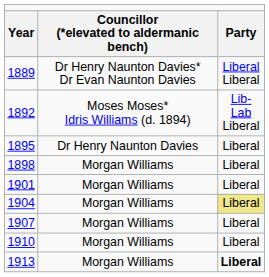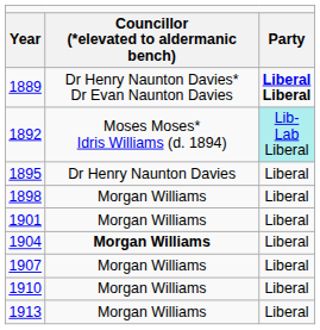 <table class="wikitable mw-collapsible autocollapse floatright" style="width: 290px; font-size: 86%; text-align: center;">
 <tr>
 <td colspan="3"><strong> </strong></td>
 </tr>
 <tr>
 <th>Year</th>
 <th>Councillor<br>(*elevated to aldermanic bench)</th>
 <th>Party</th>
 </tr>
 <tr>
 <td><a href='#'>1889</a></td>
 <td>Dr Henry Naunton Davies*<br>Dr Evan Naunton Davies</td>
-<td><a href='#'>Liberal</a><br>Liberal</td>
+<td><strong><a href='#'>Liberal</a><br>Liberal</strong></td>
 </tr>
 <tr>
 <td><a href='#'>1892</a></td>
 <td>Moses Moses*<br><a href='#'>Idris Williams</a> (d. 1894)</td>
-<td><a href='#'>Lib-Lab</a><br>Liberal</td>
+<td style="background: paleturquoise;"><a href='#'>Lib-Lab</a><br>Liberal</td>
 </tr>
 <tr>
 <td><a href='#'>1895</a></td>
 <td>Dr Henry Naunton Davies</td>
 <td>Liberal</td>
 </tr>
 <tr>
 <td><a href='#'>1898</a></td>
 <td>Morgan Williams</td>
 <td>Liberal</td>
 </tr>
 <tr>
 <td><a href='#'>1901</a></td>
 <td>Morgan Williams</td>
 <td>Liberal</td>
 </tr>
 <tr>
 <td><a href='#'>1904</a></td>
-<td>Morgan Williams</td>
-<td style="background: khaki;">Liberal</td>
+<td><strong>Morgan Williams</strong></td>
+<td>Liberal</td>
 </tr>
 <tr>
 <td><a href='#'>1907</a></td>
 <td>Morgan Williams</td>
 <td>Liberal</td>
 </tr>
 <tr>
 <td><a href='#'>1910</a></td>
 <td>Morgan Williams</td>
 <td>Liberal</td>
 </tr>
 <tr>
 <td><a href='#'>1913</a></td>
 <td>Morgan Williams</td>
-<td><strong>Liberal</strong></td>
+<td>Liberal</td>
 </tr>
 </table>
